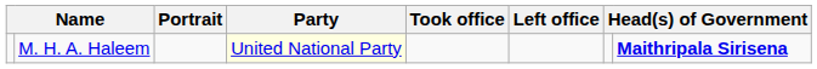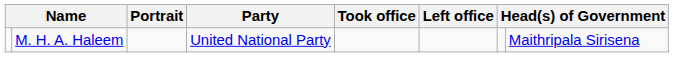 <table class="wikitable" style="margin:1em auto; text-align:left;">
 <tr>
 <th colspan="2">Name</th>
 <th>Portrait</th>
 <th>Party</th>
 <th>Took office</th>
 <th>Left office</th>
 <th colspan="2">Head(s) of Government</th>
 </tr>
 <tr>
 <td !align="centre" style="background:"></td>
 <td><a href='#'>M. H. A. Haleem</a></td>
 <td></td>
-<td style="background: lightyellow;"><a href='#'>United National Party</a></td>
+<td><a href='#'>United National Party</a></td>
 <td></td>
 <td></td>
 <td !align="center" style="background:"></td>
-<td><strong><a href='#'>Maithripala Sirisena</a></strong></td>
+<td><a href='#'>Maithripala Sirisena</a></td>
 </tr>
 </table>
